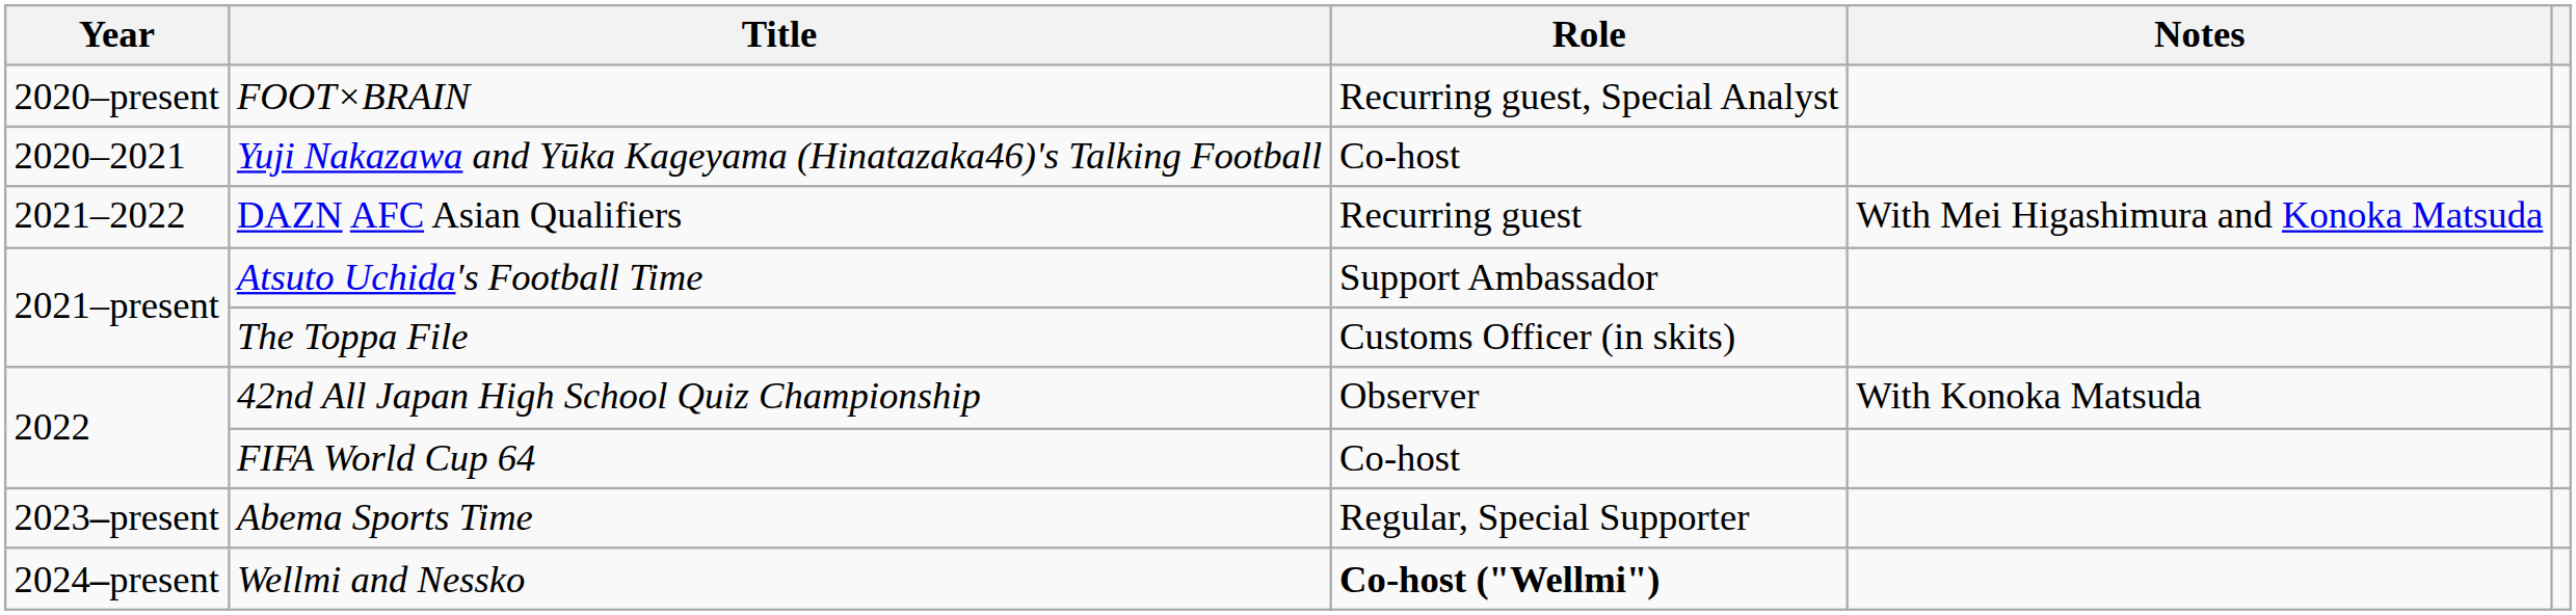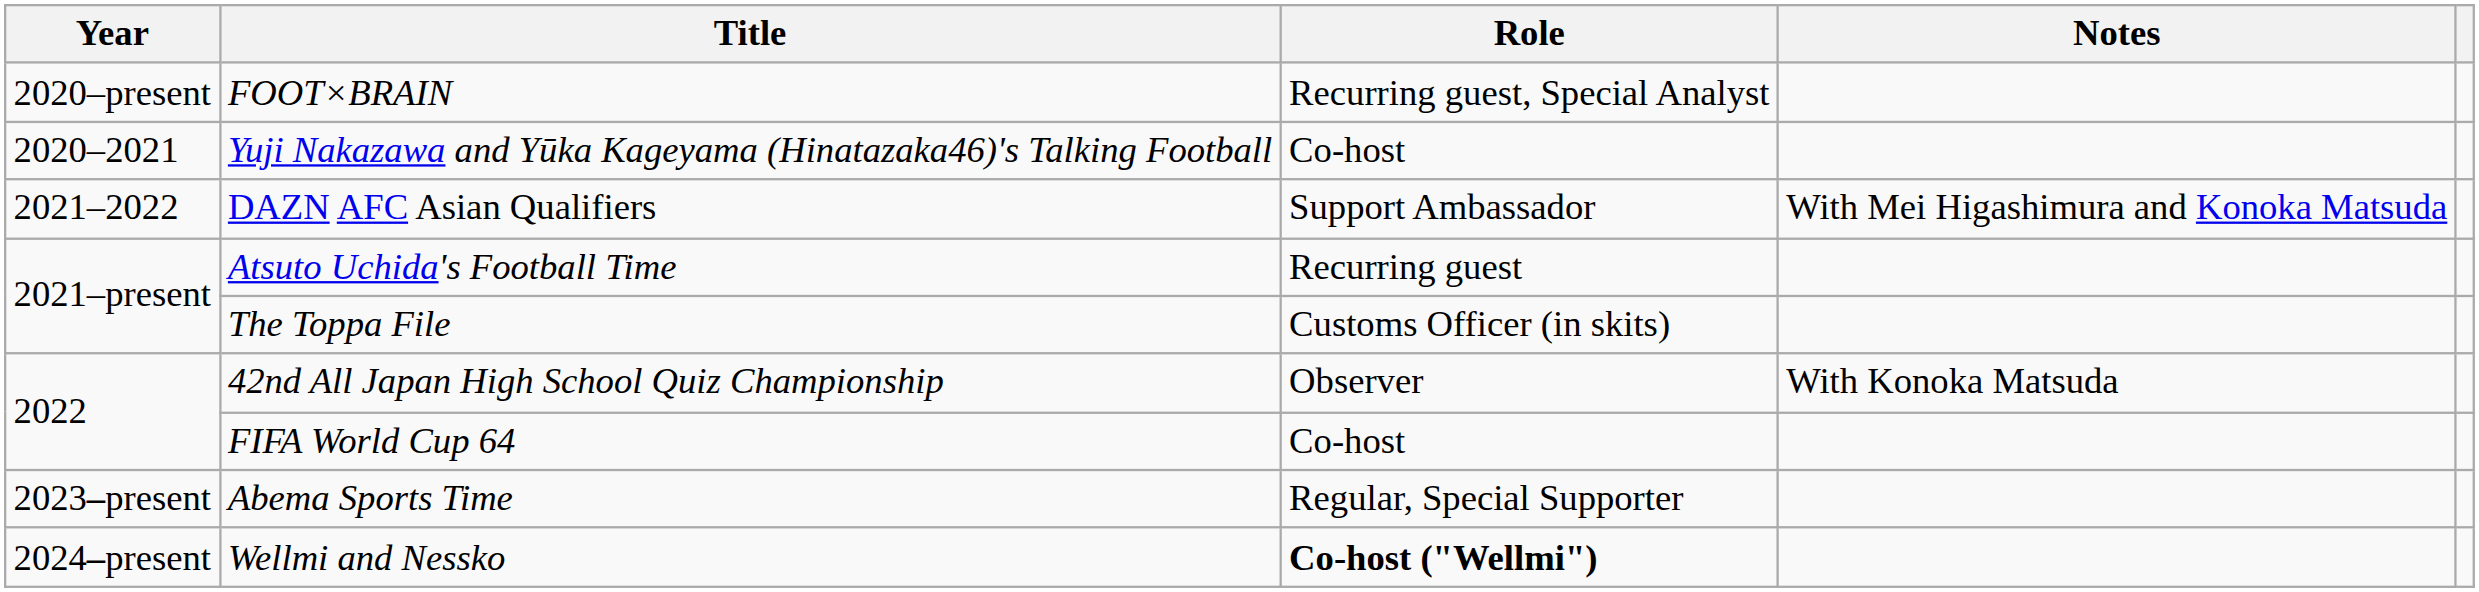 <table class="wikitable sortable">
 <tr>
 <th>Year</th>
 <th>Title</th>
 <th>Role</th>
 <th>Notes</th>
 <th class="unsortable"></th>
 </tr>
 <tr>
 <td>2020–present</td>
 <td><em>FOOT×BRAIN</em></td>
 <td>Recurring guest, Special Analyst</td>
 <td></td>
 <td></td>
 </tr>
 <tr>
 <td>2020–2021</td>
 <td><em><a href='#'>Yuji Nakazawa</a> and Yūka Kageyama (Hinatazaka46)'s Talking Football</em></td>
 <td>Co-host</td>
 <td></td>
 <td></td>
 </tr>
 <tr>
 <td>2021–2022</td>
 <td><a href='#'>DAZN</a> <a href='#'>AFC</a> Asian Qualifiers</td>
-<td>Recurring guest</td>
+<td>Support Ambassador</td>
 <td>With Mei Higashimura and <a href='#'>Konoka Matsuda</a></td>
 <td></td>
 </tr>
 <tr>
 <td rowspan="2">2021–present</td>
 <td><em><a href='#'>Atsuto Uchida</a>'s Football Time</em></td>
-<td>Support Ambassador</td>
+<td>Recurring guest</td>
 <td></td>
 <td></td>
 </tr>
 <tr>
 <td><em>The Toppa File</em></td>
 <td>Customs Officer (in skits)</td>
 <td></td>
 <td></td>
 </tr>
 <tr>
 <td rowspan="2">2022</td>
 <td><em>42nd All Japan High School Quiz Championship</em></td>
 <td>Observer</td>
 <td>With Konoka Matsuda</td>
 <td></td>
 </tr>
 <tr>
 <td><em>FIFA World Cup 64</em></td>
 <td>Co-host</td>
 <td></td>
 <td></td>
 </tr>
 <tr>
 <td>2023<strong>–</strong>present</td>
 <td><em>Abema Sports Time</em></td>
 <td>Regular, Special Supporter</td>
 <td></td>
 <td></td>
 </tr>
 <tr>
 <td>2024<strong>–</strong>present</td>
 <td><em>Wellmi and Nessko</em></td>
 <td><strong>Co-host ("Wellmi")</strong></td>
 <td></td>
 <td></td>
 </tr>
 </table>
